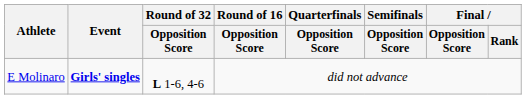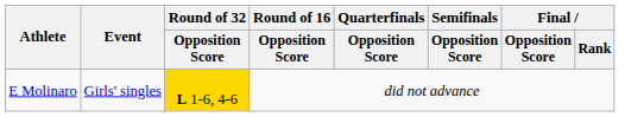 <table class=wikitable style="font-size:90%">
 <tr>
 <th rowspan=2>Athlete</th>
 <th rowspan=2>Event</th>
 <th>Round of 32</th>
 <th>Round of 16</th>
 <th>Quarterfinals</th>
 <th>Semifinals</th>
 <th colspan=2>Final / </th>
 </tr>
 <tr style="font-size:95%">
 <th>Opposition<br>Score</th>
 <th>Opposition<br>Score</th>
 <th>Opposition<br>Score</th>
 <th>Opposition<br>Score</th>
 <th>Opposition<br>Score</th>
 <th>Rank</th>
 </tr>
 <tr align=center>
 <td align=left><a href='#'>E Molinaro</a></td>
-<td align=left><strong><a href='#'>Girls' singles</a></strong></td>
-<td><br><strong>L</strong> 1-6, 4-6</td>
+<td align=left><a href='#'>Girls' singles</a></td>
+<td style="background: gold;"><br><strong>L</strong> 1-6, 4-6</td>
 <td Colspan=5><em>did not advance</em></td>
 </tr>
 </table>
